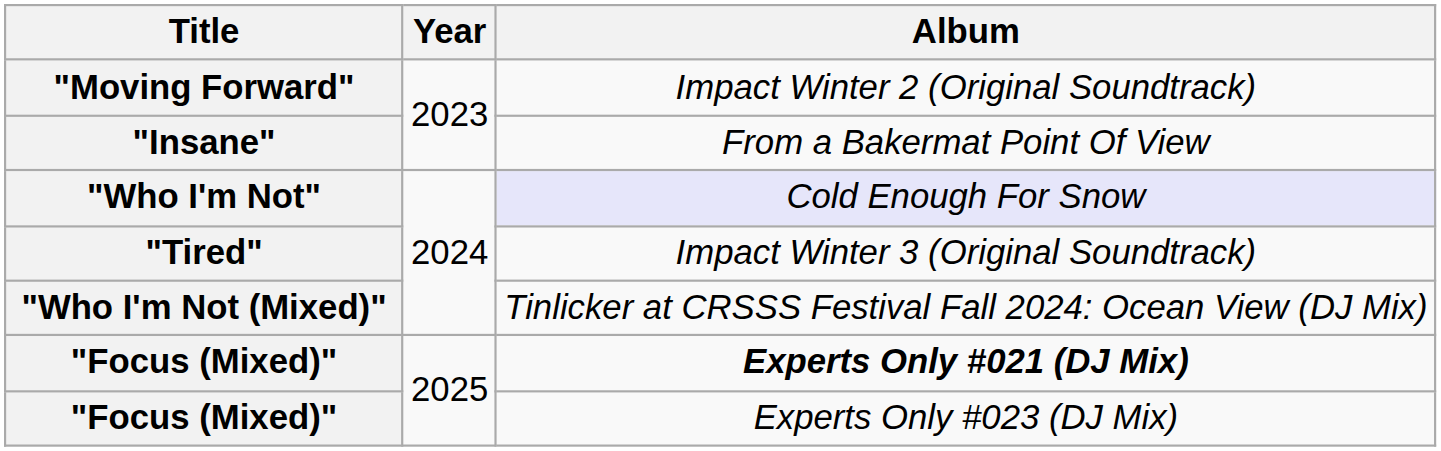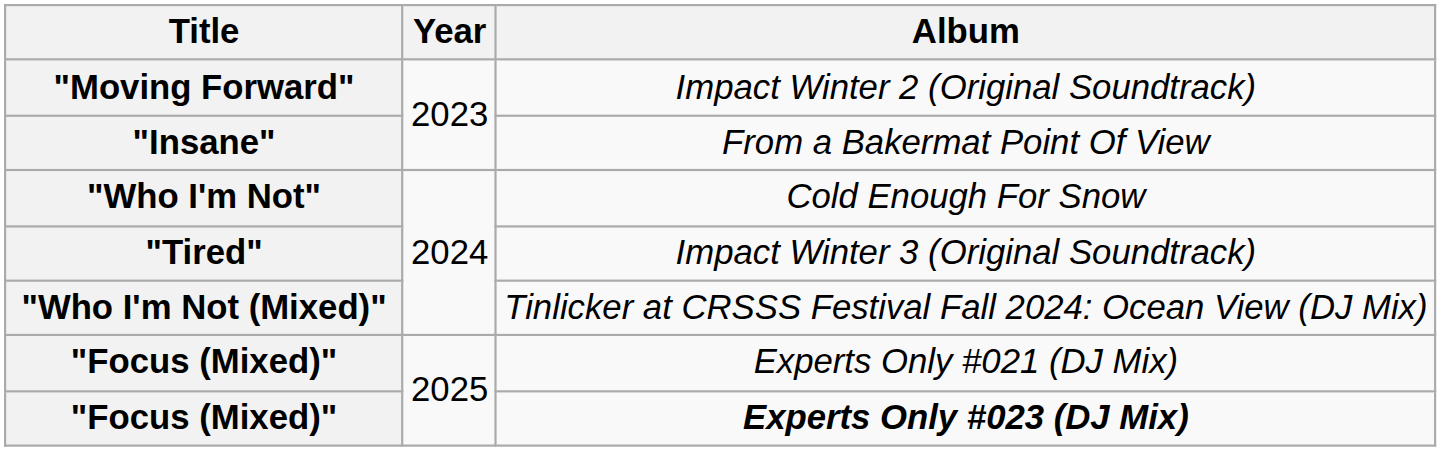 <table class="wikitable plainrowheaders" style="text-align:center;">
 <tr>
 <th scope="col" style="width:11em;">Title</th>
 <th scope="col" style="width:1em;">Year</th>
 <th scope="col">Album</th>
 </tr>
 <tr>
 <th scope="row">"Moving Forward"</th>
 <td rowspan="2">2023</td>
 <td><em>Impact Winter 2 (Original Soundtrack)</em></td>
 </tr>
 <tr>
 <th scope="row">"Insane" <br></th>
 <td><em>From a Bakermat Point Of View</em></td>
 </tr>
 <tr>
 <th scope="row">"Who I'm Not" <br></th>
 <td rowspan="3">2024</td>
-<td style="background: lavender;"><em>Cold Enough For Snow</em></td>
+<td><em>Cold Enough For Snow</em></td>
 </tr>
 <tr>
 <th scope="row">"Tired"</th>
 <td><em>Impact Winter 3 (Original Soundtrack)</em></td>
 </tr>
 <tr>
 <th scope="row">"Who I'm Not (Mixed)" <br></th>
 <td><em>Tinlicker at CRSSS Festival Fall 2024: Ocean View (DJ Mix)</em></td>
 </tr>
 <tr>
 <th scope="row">"Focus (Mixed)" <br></th>
 <td rowspan="2">2025</td>
-<td><strong><em>Experts Only #021 (DJ Mix)</em></strong></td>
+<td><em>Experts Only #021 (DJ Mix)</em></td>
 </tr>
 <tr>
 <th scope="row">"Focus (Mixed)" <br></th>
-<td><em>Experts Only #023 (DJ Mix)</em></td>
+<td><strong><em>Experts Only #023 (DJ Mix)</em></strong></td>
 </tr>
 </table>
